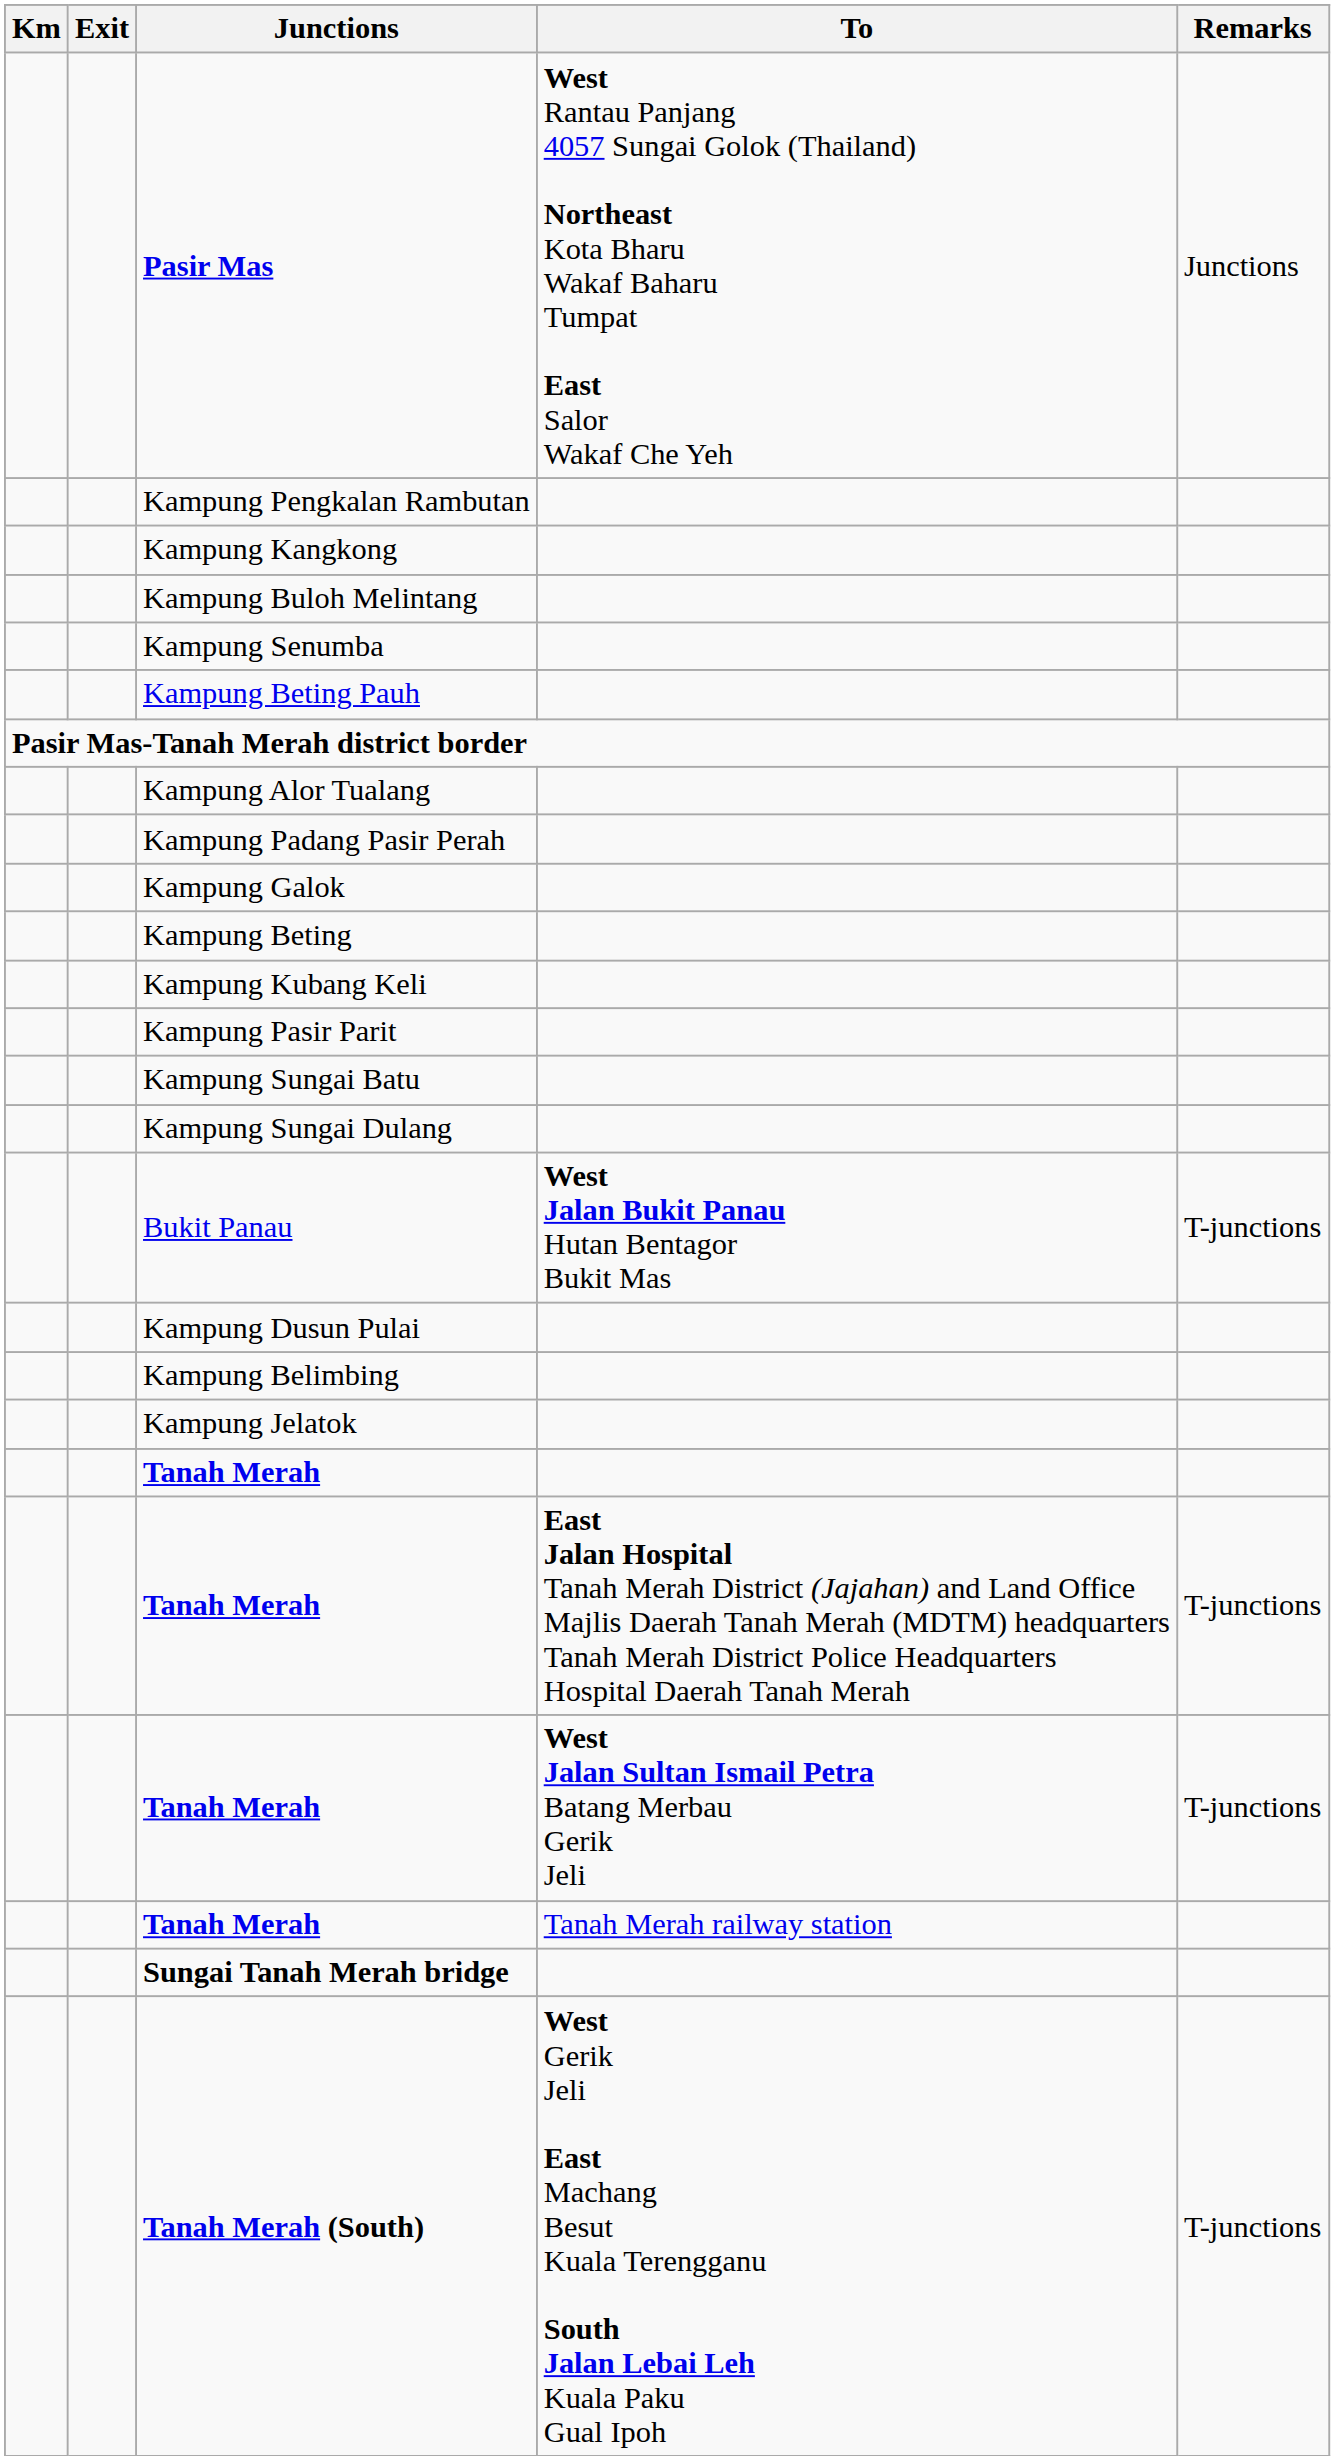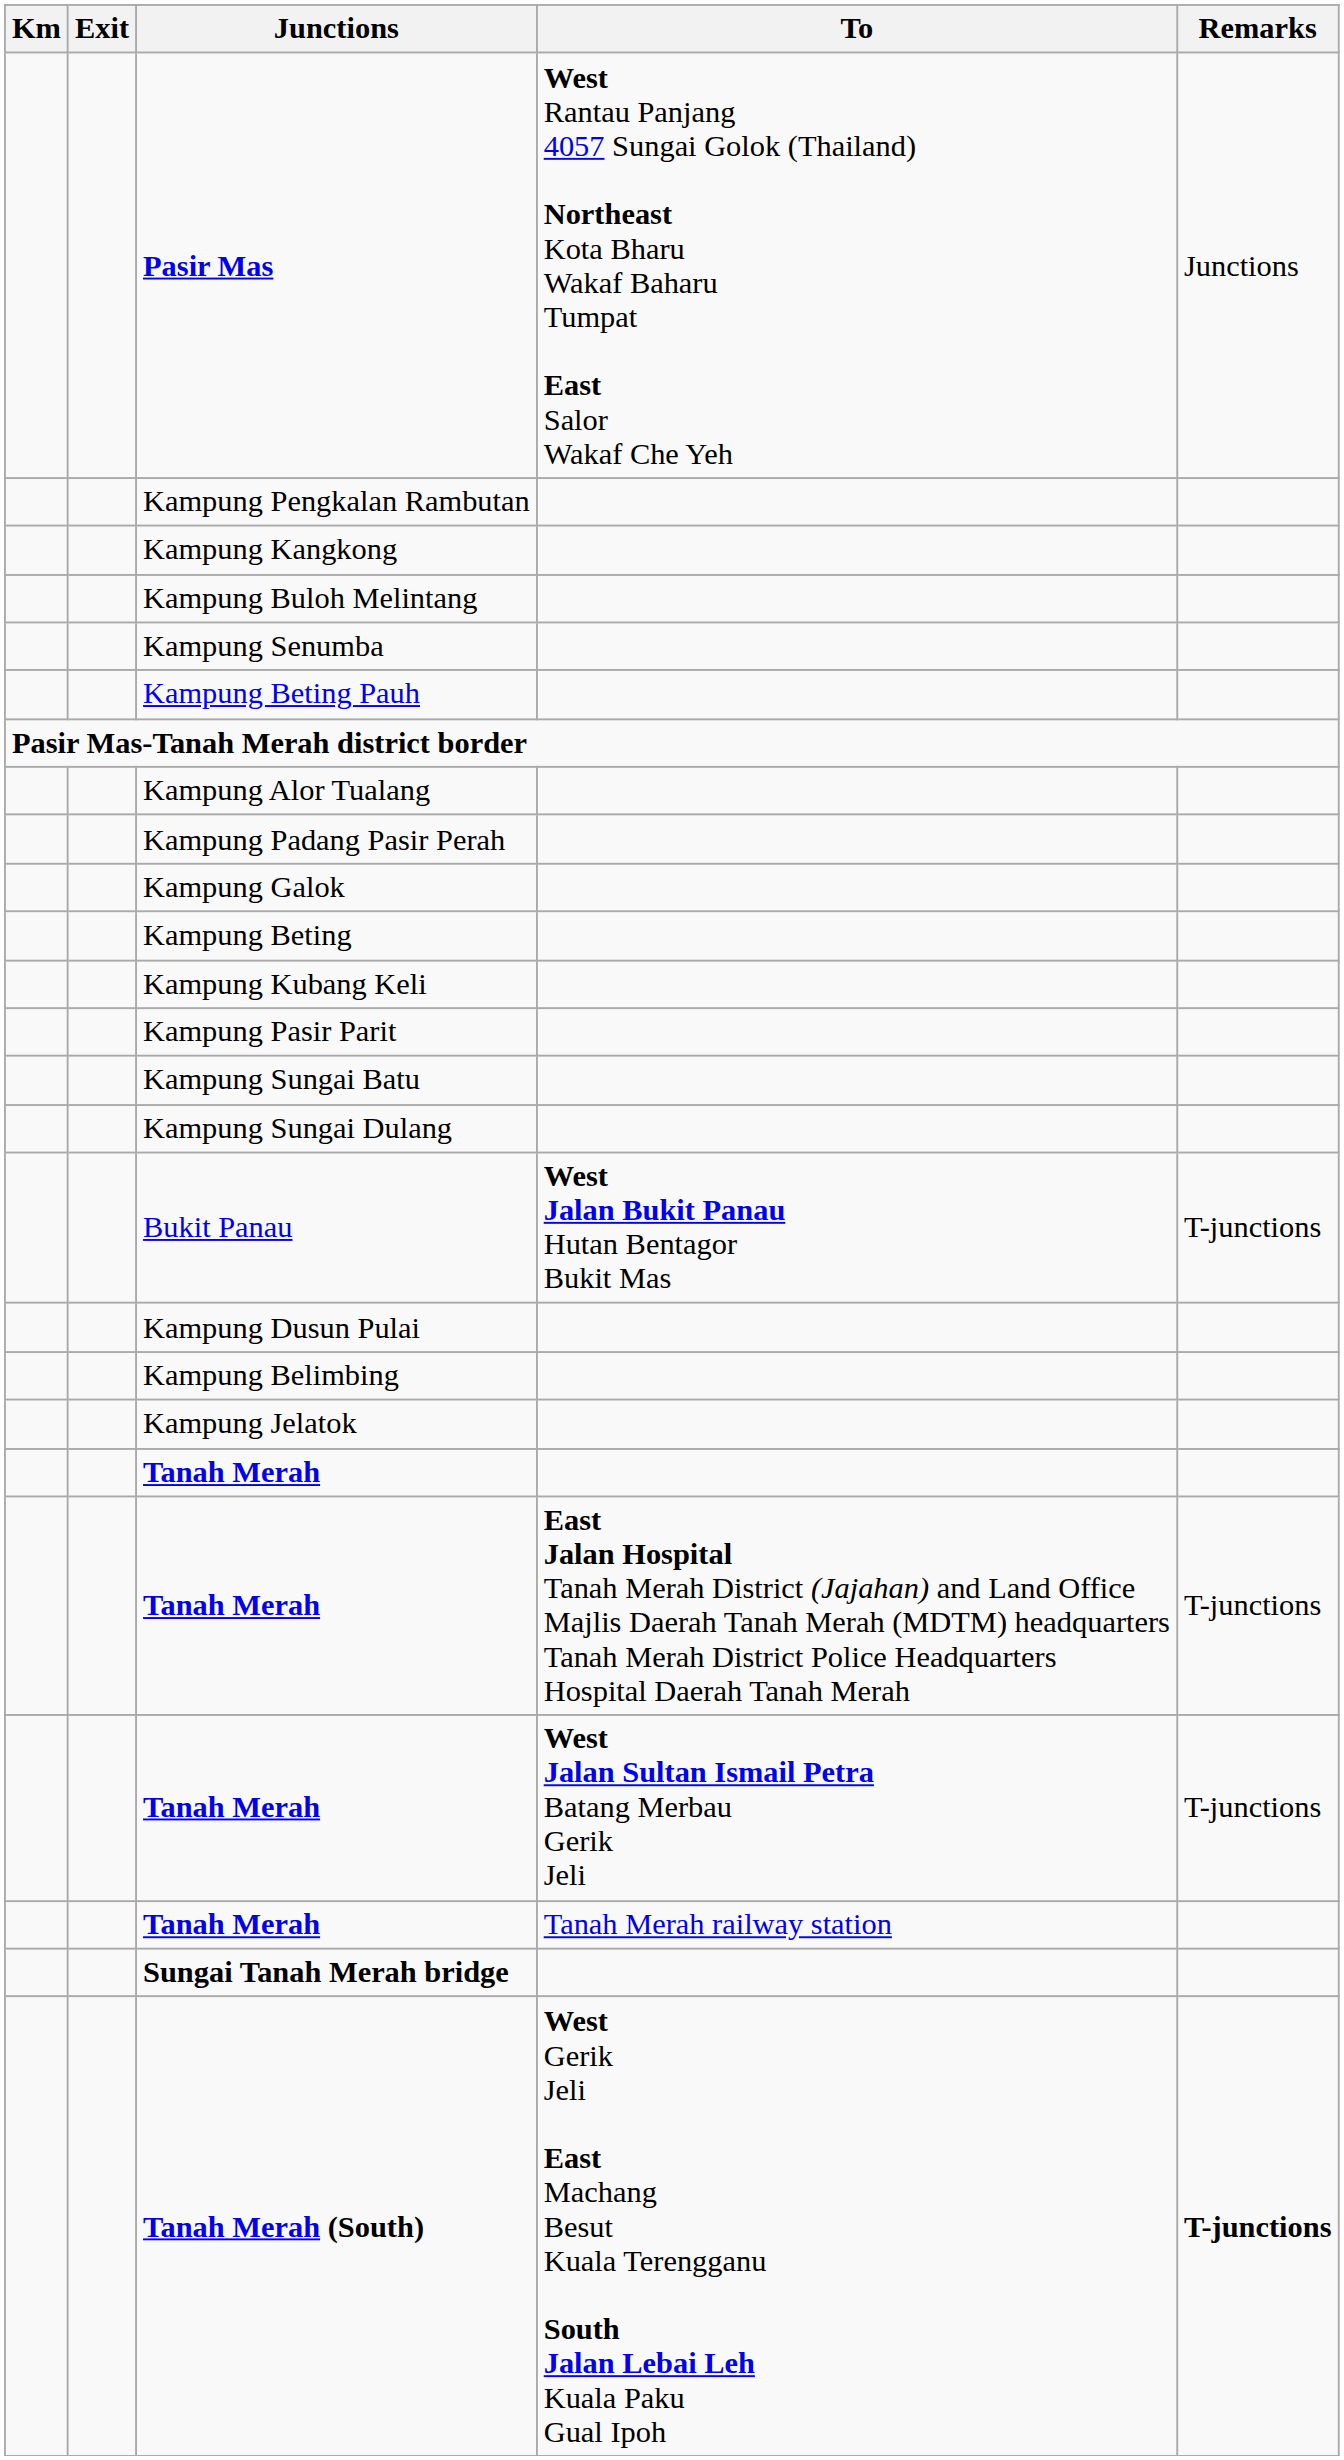 <table class="wikitable">
 <tr>
 <th>Km</th>
 <th>Exit</th>
 <th>Junctions</th>
 <th>To</th>
 <th>Remarks</th>
 </tr>
 <tr>
 <td></td>
 <td></td>
 <td><strong><a href='#'>Pasir Mas</a></strong></td>
 <td><strong>West</strong><br>  Rantau Panjang<br><a href='#'>4057</a>  Sungai Golok (Thailand)<br><br><strong>Northeast</strong><br>  Kota Bharu<br>  Wakaf Baharu<br> Tumpat<br><br><strong>East</strong><br> Salor<br> Wakaf Che Yeh</td>
 <td>Junctions</td>
 </tr>
 <tr>
 <td></td>
 <td></td>
 <td>Kampung Pengkalan Rambutan</td>
 <td></td>
 <td></td>
 </tr>
 <tr>
 <td></td>
 <td></td>
 <td>Kampung Kangkong</td>
 <td></td>
 <td></td>
 </tr>
 <tr>
 <td></td>
 <td></td>
 <td>Kampung Buloh Melintang</td>
 <td></td>
 <td></td>
 </tr>
 <tr>
 <td></td>
 <td></td>
 <td>Kampung Senumba</td>
 <td></td>
 <td></td>
 </tr>
 <tr>
 <td></td>
 <td></td>
 <td><a href='#'>Kampung Beting Pauh</a></td>
 <td></td>
 <td></td>
 </tr>
 <tr>
 <td style="width:600px" colspan="6" style="text-align:center; background:blue;"><strong><span>Pasir Mas-Tanah Merah district border</span></strong></td>
 </tr>
 <tr>
 <td></td>
 <td></td>
 <td>Kampung Alor Tualang</td>
 <td></td>
 <td></td>
 </tr>
 <tr>
 <td></td>
 <td></td>
 <td>Kampung Padang Pasir Perah</td>
 <td></td>
 <td></td>
 </tr>
 <tr>
 <td></td>
 <td></td>
 <td>Kampung Galok</td>
 <td></td>
 <td></td>
 </tr>
 <tr>
 <td></td>
 <td></td>
 <td>Kampung Beting</td>
 <td></td>
 <td></td>
 </tr>
 <tr>
 <td></td>
 <td></td>
 <td>Kampung Kubang Keli</td>
 <td></td>
 <td></td>
 </tr>
 <tr>
 <td></td>
 <td></td>
 <td>Kampung Pasir Parit</td>
 <td></td>
 <td></td>
 </tr>
 <tr>
 <td></td>
 <td></td>
 <td>Kampung Sungai Batu</td>
 <td></td>
 <td></td>
 </tr>
 <tr>
 <td></td>
 <td></td>
 <td>Kampung Sungai Dulang</td>
 <td></td>
 <td></td>
 </tr>
 <tr>
 <td></td>
 <td></td>
 <td><a href='#'>Bukit Panau</a></td>
 <td><strong>West</strong><br> <strong><a href='#'>Jalan Bukit Panau</a></strong><br>Hutan Bentagor<br>Bukit Mas</td>
 <td>T-junctions</td>
 </tr>
 <tr>
 <td></td>
 <td></td>
 <td>Kampung Dusun Pulai</td>
 <td></td>
 <td></td>
 </tr>
 <tr>
 <td></td>
 <td></td>
 <td>Kampung Belimbing</td>
 <td></td>
 <td></td>
 </tr>
 <tr>
 <td></td>
 <td></td>
 <td>Kampung Jelatok</td>
 <td></td>
 <td></td>
 </tr>
 <tr>
 <td></td>
 <td></td>
 <td><strong><a href='#'>Tanah Merah</a></strong></td>
 <td></td>
 <td></td>
 </tr>
 <tr>
 <td></td>
 <td></td>
 <td><strong><a href='#'>Tanah Merah</a></strong></td>
 <td><strong>East</strong><br><strong>Jalan Hospital </strong><br>Tanah Merah District <em>(Jajahan)</em> and Land Office<br>Majlis Daerah Tanah Merah (MDTM) headquarters<br>Tanah Merah District Police Headquarters<br>Hospital Daerah Tanah Merah </td>
 <td>T-junctions</td>
 </tr>
 <tr>
 <td></td>
 <td></td>
 <td><strong><a href='#'>Tanah Merah</a></strong></td>
 <td><strong>West</strong><br> <strong><a href='#'>Jalan Sultan Ismail Petra</a></strong><br> Batang Merbau<br>  Gerik<br>  Jeli</td>
 <td>T-junctions</td>
 </tr>
 <tr>
 <td></td>
 <td></td>
 <td><strong><a href='#'>Tanah Merah</a></strong></td>
 <td><a href='#'>Tanah Merah railway station</a></td>
 <td></td>
 </tr>
 <tr>
 <td></td>
 <td></td>
 <td><strong>Sungai Tanah Merah bridge</strong></td>
 <td></td>
 <td></td>
 </tr>
 <tr>
 <td></td>
 <td></td>
 <td><strong><a href='#'>Tanah Merah</a> (South)</strong></td>
 <td><strong>West</strong><br>  Gerik<br>  Jeli<br><br><strong>East</strong><br>  Machang<br>  Besut<br>  Kuala Terengganu<br><br><strong>South</strong><br> <strong><a href='#'>Jalan Lebai Leh</a></strong><br>Kuala Paku<br>Gual Ipoh</td>
-<td>T-junctions</td>
+<td><strong>T-junctions</strong></td>
 </tr>
 </table>
